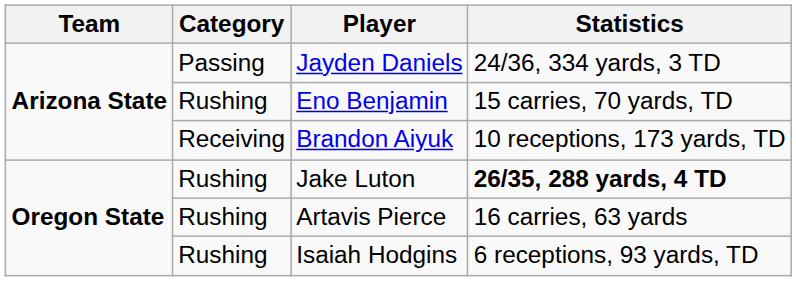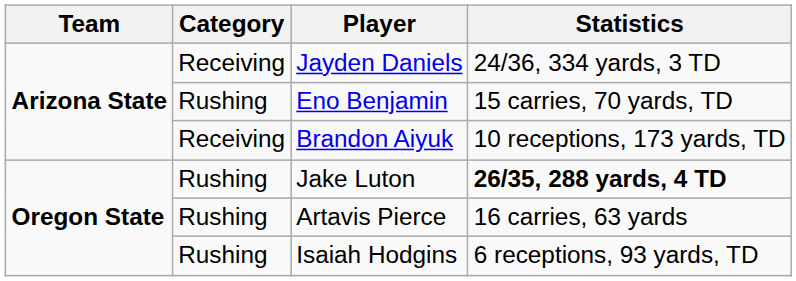 <table class="wikitable" style="float: right;">
 <tr>
 <th>Team</th>
 <th>Category</th>
 <th>Player</th>
 <th>Statistics</th>
 </tr>
 <tr>
 <td rowspan=3><strong>Arizona State</strong></td>
-<td>Passing</td>
+<td>Receiving</td>
 <td><a href='#'>Jayden Daniels</a></td>
 <td>24/36, 334 yards, 3 TD</td>
 </tr>
 <tr>
 <td>Rushing</td>
 <td><a href='#'>Eno Benjamin</a></td>
 <td>15 carries, 70 yards, TD</td>
 </tr>
 <tr>
 <td>Receiving</td>
 <td><a href='#'>Brandon Aiyuk</a></td>
 <td>10 receptions, 173 yards, TD</td>
 </tr>
 <tr>
 <td rowspan=3><strong>Oregon State</strong></td>
 <td>Rushing</td>
 <td>Jake Luton</td>
 <td><strong>26/35, 288 yards, 4 TD</strong></td>
 </tr>
 <tr>
 <td>Rushing</td>
 <td>Artavis Pierce</td>
 <td>16 carries, 63 yards</td>
 </tr>
 <tr>
 <td>Rushing</td>
 <td>Isaiah Hodgins</td>
 <td>6 receptions, 93 yards, TD</td>
 </tr>
 </table>
